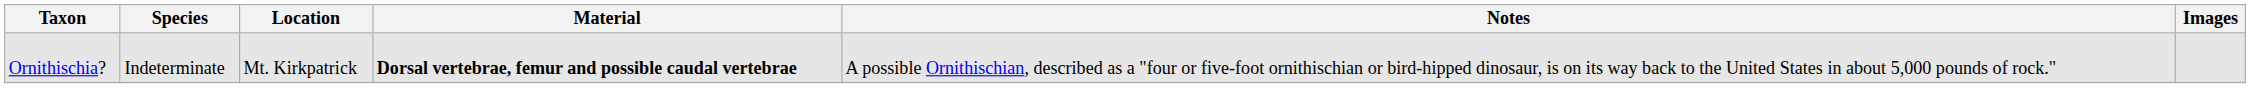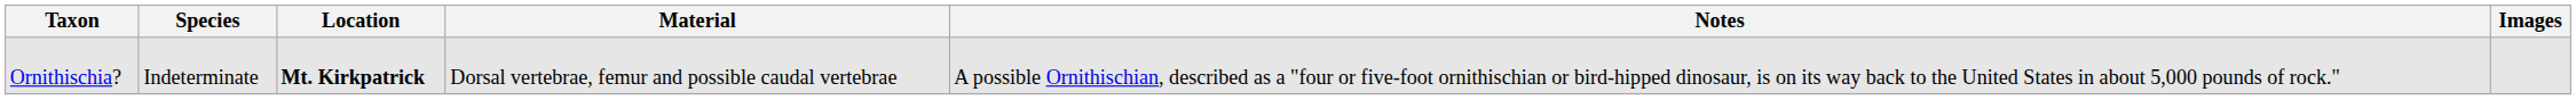 <table class ="wikitable" align="center" width="100%">
 <tr>
 <th>Taxon</th>
 <th>Species</th>
 <th>Location</th>
 <th>Material</th>
 <th>Notes</th>
 <th>Images</th>
 </tr>
 <tr>
 <td style="background:#E6E6E6;"><br><a href='#'>Ornithischia</a>?</td>
 <td style="background:#E6E6E6;"><br>Indeterminate</td>
-<td style="background:#E6E6E6;"><br>Mt. Kirkpatrick</td>
-<td style="background:#E6E6E6;"><strong><br>Dorsal vertebrae, femur and possible caudal vertebrae</strong></td>
+<td style="background:#E6E6E6;"><strong><br>Mt. Kirkpatrick</strong></td>
+<td style="background:#E6E6E6;"><br>Dorsal vertebrae, femur and possible caudal vertebrae</td>
 <td style="background:#E6E6E6;"><br>A possible <a href='#'>Ornithischian</a>, described as a "four or five-foot ornithischian or bird-hipped dinosaur, is on its way back to the United States in about 5,000 pounds of rock."</td>
 <td style="background:#E6E6E6;"><br></td>
 </tr>
 <tr>
 </tr>
 </table>
